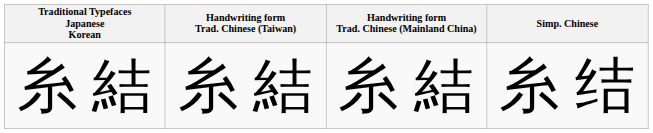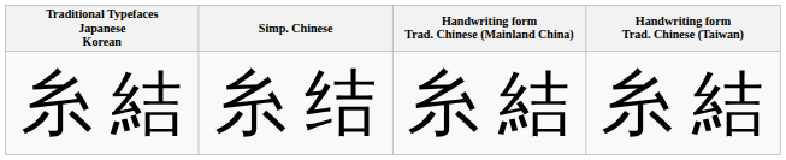 <table class="wikitable" style="text-align:center;">
 <tr>
 <th>Traditional Typefaces<br>Japanese<br>Korean</th>
+<th>Simp. Chinese</th>
+<th>Handwriting form<br>Trad. Chinese (Mainland China)</th>
 <th>Handwriting form<br>Trad. Chinese (Taiwan)</th>
-<th>Handwriting form<br>Trad. Chinese (Mainland China)</th>
-<th>Simp. Chinese</th>
 </tr>
 <tr style="font-size:6em;font-family:serif;line-height:100%;">
 <td lang="ja">糸 結</td>
+<td lang="zh-cn">糸 结</td>
+<td lang="zh-cn">糸 結</td>
 <td lang="zh-tw">糸 結</td>
-<td lang="zh-cn">糸 結</td>
-<td lang="zh-cn">糸 结</td>
 </tr>
 </table>
